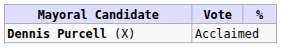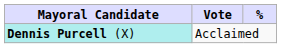 <table class="wikitable">
 <tr>
 <th style="background:#ddf; width:200px;">Mayoral Candidate</th>
 <th style="background:#ddf; width:50px;">Vote</th>
 <th style="background:#ddf; width:30px;">%</th>
 </tr>
 <tr>
-<td><strong>Dennis Purcell</strong> (X)</td>
+<td style="background: paleturquoise;"><strong>Dennis Purcell</strong> (X)</td>
 <td colspan="2">Acclaimed</td>
 </tr>
 </table>
